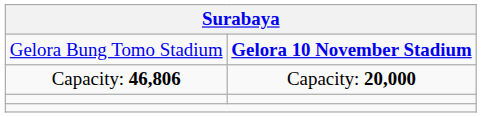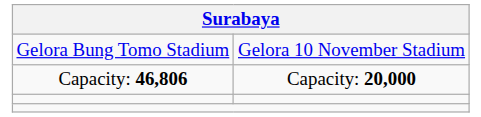 <table class="wikitable" style="margin:1em auto; text-align:center">
 <tr>
 <th colspan="2"><a href='#'>Surabaya</a></th>
 </tr>
 <tr>
 <td><a href='#'>Gelora Bung Tomo Stadium</a></td>
-<td><strong><a href='#'>Gelora 10 November Stadium</a></strong></td>
+<td><a href='#'>Gelora 10 November Stadium</a></td>
 </tr>
 <tr>
 <td>Capacity: <strong>46,806</strong></td>
 <td>Capacity: <strong>20,000</strong></td>
 </tr>
 <tr>
 <td></td>
 <td></td>
 </tr>
 <tr>
 <td colspan=2></td>
 </tr>
 </table>
